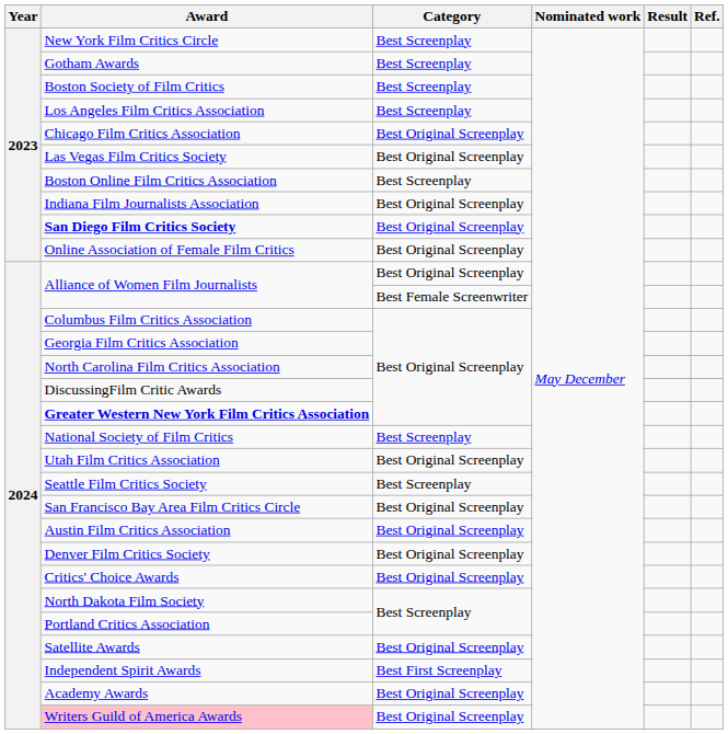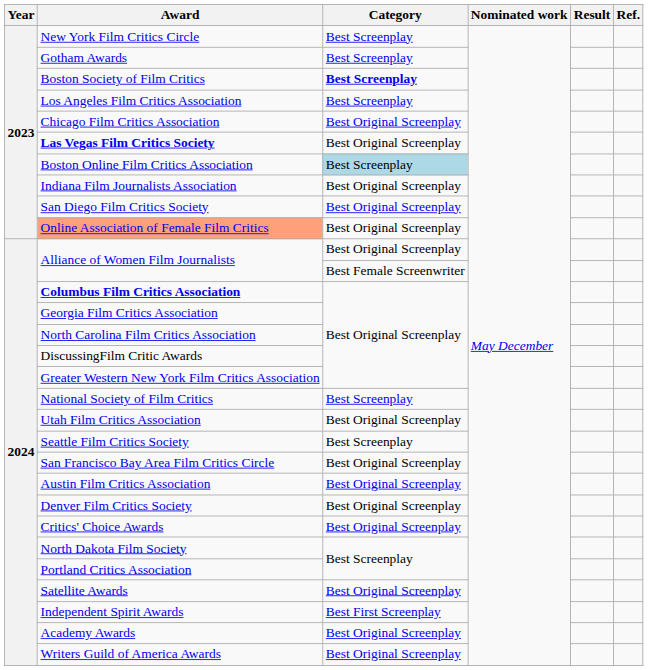 <table class="wikitable unsortable">
 <tr>
 <th>Year</th>
 <th>Award</th>
 <th>Category</th>
 <th>Nominated work</th>
 <th>Result</th>
 <th>Ref.</th>
 </tr>
 <tr>
 <th scope="row" rowspan="10">2023</th>
 <td><a href='#'>New York Film Critics Circle</a></td>
 <td><a href='#'>Best Screenplay</a></td>
 <td rowspan="30"><em><a href='#'>May December</a></em></td>
 <td></td>
 <td align="center"></td>
 </tr>
 <tr>
 <td><a href='#'>Gotham Awards</a></td>
 <td><a href='#'>Best Screenplay</a></td>
 <td></td>
 <td align="center"></td>
 </tr>
 <tr>
 <td><a href='#'>Boston Society of Film Critics</a></td>
-<td><a href='#'>Best Screenplay</a></td>
+<td><strong><a href='#'>Best Screenplay</a></strong></td>
 <td></td>
 <td align="center"></td>
 </tr>
 <tr>
 <td><a href='#'>Los Angeles Film Critics Association</a></td>
 <td><a href='#'>Best Screenplay</a></td>
 <td></td>
 <td align="center"></td>
 </tr>
 <tr>
 <td><a href='#'>Chicago Film Critics Association</a></td>
 <td><a href='#'>Best Original Screenplay</a></td>
 <td></td>
 <td align="center"></td>
 </tr>
 <tr>
-<td><a href='#'>Las Vegas Film Critics Society</a></td>
+<td><strong><a href='#'>Las Vegas Film Critics Society</a></strong></td>
 <td>Best Original Screenplay</td>
 <td></td>
 <td align="center"></td>
 </tr>
 <tr>
 <td><a href='#'>Boston Online Film Critics Association</a></td>
-<td>Best Screenplay</td>
+<td style="background: lightblue;">Best Screenplay</td>
 <td></td>
 <td align="center"></td>
 </tr>
 <tr>
 <td><a href='#'>Indiana Film Journalists Association</a></td>
 <td>Best Original Screenplay</td>
 <td></td>
 <td align="center"></td>
 </tr>
 <tr>
-<td><strong><a href='#'>San Diego Film Critics Society</a></strong></td>
+<td><a href='#'>San Diego Film Critics Society</a></td>
 <td><a href='#'>Best Original Screenplay</a></td>
 <td></td>
 <td align="center"></td>
 </tr>
 <tr>
-<td><a href='#'>Online Association of Female Film Critics</a></td>
+<td style="background: lightsalmon;"><a href='#'>Online Association of Female Film Critics</a></td>
 <td>Best Original Screenplay</td>
 <td></td>
 <td align="center"></td>
 </tr>
 <tr>
 <th rowspan="20" scope="row">2024</th>
 <td rowspan="2"><a href='#'>Alliance of Women Film Journalists</a></td>
 <td>Best Original Screenplay</td>
 <td></td>
 <td align="center"></td>
 </tr>
 <tr>
 <td>Best Female Screenwriter</td>
 <td></td>
 <td align="center"></td>
 </tr>
 <tr>
-<td><a href='#'>Columbus Film Critics Association</a></td>
+<td><strong><a href='#'>Columbus Film Critics Association</a></strong></td>
 <td rowspan="5">Best Original Screenplay</td>
 <td></td>
 <td align="center"></td>
 </tr>
 <tr>
 <td><a href='#'>Georgia Film Critics Association</a></td>
 <td></td>
 <td align="center"></td>
 </tr>
 <tr>
 <td><a href='#'>North Carolina Film Critics Association</a></td>
 <td></td>
 <td align="center"></td>
 </tr>
 <tr>
 <td>DiscussingFilm Critic Awards</td>
 <td></td>
 <td align="center"></td>
 </tr>
 <tr>
-<td><strong><a href='#'>Greater Western New York Film Critics Association</a></strong></td>
+<td><a href='#'>Greater Western New York Film Critics Association</a></td>
 <td></td>
 <td align="center"></td>
 </tr>
 <tr>
 <td><a href='#'>National Society of Film Critics</a></td>
 <td><a href='#'>Best Screenplay</a></td>
 <td></td>
 <td align="center"></td>
 </tr>
 <tr>
 <td><a href='#'>Utah Film Critics Association</a></td>
 <td>Best Original Screenplay</td>
 <td></td>
 <td align="center"></td>
 </tr>
 <tr>
 <td><a href='#'>Seattle Film Critics Society</a></td>
 <td>Best Screenplay</td>
 <td></td>
 <td align="center"></td>
 </tr>
 <tr>
 <td><a href='#'>San Francisco Bay Area Film Critics Circle</a></td>
 <td>Best Original Screenplay</td>
 <td></td>
 <td align="center"></td>
 </tr>
 <tr>
 <td><a href='#'>Austin Film Critics Association</a></td>
 <td><a href='#'>Best Original Screenplay</a></td>
 <td></td>
 <td align="center"></td>
 </tr>
 <tr>
 <td><a href='#'>Denver Film Critics Society</a></td>
 <td>Best Original Screenplay</td>
 <td></td>
 <td align="center"></td>
 </tr>
 <tr>
 <td><a href='#'>Critics' Choice Awards</a></td>
 <td><a href='#'>Best Original Screenplay</a></td>
 <td></td>
 <td align="center"></td>
 </tr>
 <tr>
 <td><a href='#'>North Dakota Film Society</a></td>
 <td rowspan="2">Best Screenplay</td>
 <td></td>
 <td align="center"></td>
 </tr>
 <tr>
 <td><a href='#'>Portland Critics Association</a></td>
 <td></td>
 <td align="center"></td>
 </tr>
 <tr>
 <td><a href='#'>Satellite Awards</a></td>
 <td><a href='#'>Best Original Screenplay</a></td>
 <td></td>
 <td align="center"></td>
 </tr>
 <tr>
 <td><a href='#'>Independent Spirit Awards</a></td>
 <td><a href='#'>Best First Screenplay</a></td>
 <td></td>
 <td align="center"></td>
 </tr>
 <tr>
 <td><a href='#'>Academy Awards</a></td>
 <td><a href='#'>Best Original Screenplay</a></td>
 <td></td>
 <td align="center"></td>
 </tr>
 <tr>
-<td style="background: pink;"><a href='#'>Writers Guild of America Awards</a></td>
+<td><a href='#'>Writers Guild of America Awards</a></td>
 <td><a href='#'>Best Original Screenplay</a></td>
 <td></td>
 <td align="center"></td>
 </tr>
 </table>
